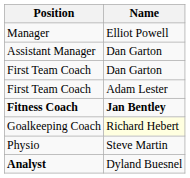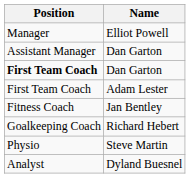 <table class="wikitable">
 <tr>
 <th>Position</th>
 <th>Name</th>
 </tr>
 <tr>
 <td>Manager</td>
 <td> Elliot Powell</td>
 </tr>
 <tr>
 <td>Assistant Manager</td>
 <td> Dan Garton</td>
 </tr>
 <tr>
-<td>First Team Coach</td>
+<td><strong>First Team Coach</strong></td>
 <td> Dan Garton</td>
 </tr>
 <tr>
 <td>First Team Coach</td>
 <td>Adam Lester</td>
 </tr>
 <tr>
-<td><strong>Fitness Coach</strong></td>
-<td><strong> Jan Bentley</strong></td>
+<td>Fitness Coach</td>
+<td> Jan Bentley</td>
 </tr>
 <tr>
 <td>Goalkeeping Coach</td>
-<td style="background: lightyellow;"> Richard Hebert</td>
+<td> Richard Hebert</td>
 </tr>
 <tr>
 <td>Physio</td>
 <td> Steve Martin</td>
 </tr>
 <tr>
-<td><strong>Analyst</strong></td>
+<td>Analyst</td>
 <td> Dyland Buesnel</td>
 </tr>
 </table>
